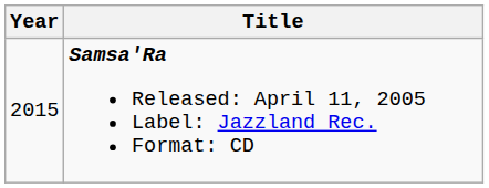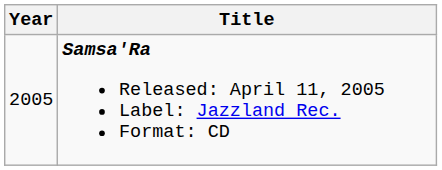 <table class="wikitable">
 <tr>
 <th>Year</th>
 <th style="width:225px;">Title</th>
 </tr>
 <tr>
-<td>2015</td>
+<td>2005</td>
 <td style="width:20em"><strong><em>Samsa'Ra</em></strong><br><ul><li>Released: April 11, 2005</li><li>Label: <a href='#'>Jazzland Rec.</a> </li><li>Format: CD</li></ul></td>
 </tr>
 </table>
